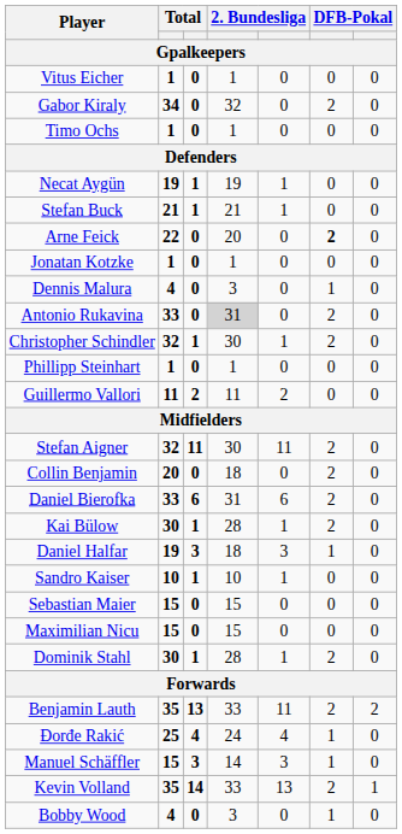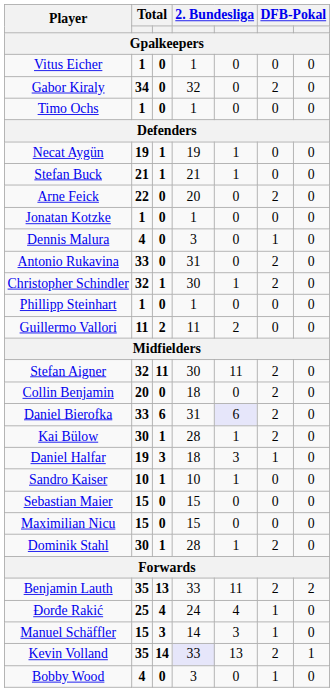 <table class="wikitable" style="text-align:center;">
 <tr>
 <th rowspan="2">Player</th>
 <th colspan="2">Total</th>
 <th colspan="2"><a href='#'>2. Bundesliga</a></th>
 <th colspan="2"><a href='#'>DFB-Pokal</a></th>
 </tr>
 <tr>
 <th></th>
 <th></th>
 <th></th>
 <th></th>
 <th></th>
 <th></th>
 </tr>
 <tr>
 <th colspan="10">Gpalkeepers</th>
 </tr>
 <tr>
 <td><a href='#'>Vitus Eicher</a></td>
 <td><strong>1</strong></td>
 <td><strong>0</strong></td>
 <td>1</td>
 <td>0</td>
 <td>0</td>
 <td>0</td>
 </tr>
 <tr>
 <td><a href='#'>Gabor Kiraly</a></td>
 <td><strong>34</strong></td>
 <td><strong>0</strong></td>
 <td>32</td>
 <td>0</td>
 <td>2</td>
 <td>0</td>
 </tr>
 <tr>
 <td><a href='#'>Timo Ochs</a></td>
 <td><strong>1</strong></td>
 <td><strong>0</strong></td>
 <td>1</td>
 <td>0</td>
 <td>0</td>
 <td>0</td>
 </tr>
 <tr>
 <th colspan="10">Defenders</th>
 </tr>
 <tr>
 <td><a href='#'>Necat Aygün</a></td>
 <td><strong>19</strong></td>
 <td><strong>1</strong></td>
 <td>19</td>
 <td>1</td>
 <td>0</td>
 <td>0</td>
 </tr>
 <tr>
 <td><a href='#'>Stefan Buck</a></td>
 <td><strong>21</strong></td>
 <td><strong>1</strong></td>
 <td>21</td>
 <td>1</td>
 <td>0</td>
 <td>0</td>
 </tr>
 <tr>
 <td><a href='#'>Arne Feick</a></td>
 <td><strong>22</strong></td>
 <td><strong>0</strong></td>
 <td>20</td>
 <td>0</td>
-<td><strong>2</strong></td>
+<td>2</td>
 <td>0</td>
 </tr>
 <tr>
 <td><a href='#'>Jonatan Kotzke</a></td>
 <td><strong>1</strong></td>
 <td><strong>0</strong></td>
 <td>1</td>
 <td>0</td>
 <td>0</td>
 <td>0</td>
 </tr>
 <tr>
 <td><a href='#'>Dennis Malura</a></td>
 <td><strong>4</strong></td>
 <td><strong>0</strong></td>
 <td>3</td>
 <td>0</td>
 <td>1</td>
 <td>0</td>
 </tr>
 <tr>
 <td><a href='#'>Antonio Rukavina</a></td>
 <td><strong>33</strong></td>
 <td><strong>0</strong></td>
-<td style="background: lightgrey;">31</td>
+<td>31</td>
 <td>0</td>
 <td>2</td>
 <td>0</td>
 </tr>
 <tr>
 <td><a href='#'>Christopher Schindler</a></td>
 <td><strong>32</strong></td>
 <td><strong>1</strong></td>
 <td>30</td>
 <td>1</td>
 <td>2</td>
 <td>0</td>
 </tr>
 <tr>
 <td><a href='#'>Phillipp Steinhart</a></td>
 <td><strong>1</strong></td>
 <td><strong>0</strong></td>
 <td>1</td>
 <td>0</td>
 <td>0</td>
 <td>0</td>
 </tr>
 <tr>
 <td><a href='#'>Guillermo Vallori</a></td>
 <td><strong>11</strong></td>
 <td><strong>2</strong></td>
 <td>11</td>
 <td>2</td>
 <td>0</td>
 <td>0</td>
 </tr>
 <tr>
 <th colspan="10">Midfielders</th>
 </tr>
 <tr>
 <td><a href='#'>Stefan Aigner</a></td>
 <td><strong>32</strong></td>
 <td><strong>11</strong></td>
 <td>30</td>
 <td>11</td>
 <td>2</td>
 <td>0</td>
 </tr>
 <tr>
 <td><a href='#'>Collin Benjamin</a></td>
 <td><strong>20</strong></td>
 <td><strong>0</strong></td>
 <td>18</td>
 <td>0</td>
 <td>2</td>
 <td>0</td>
 </tr>
 <tr>
 <td><a href='#'>Daniel Bierofka</a></td>
 <td><strong>33</strong></td>
 <td><strong>6</strong></td>
 <td>31</td>
-<td>6</td>
+<td style="background: lavender;">6</td>
 <td>2</td>
 <td>0</td>
 </tr>
 <tr>
 <td><a href='#'>Kai Bülow</a></td>
 <td><strong>30</strong></td>
 <td><strong>1</strong></td>
 <td>28</td>
 <td>1</td>
 <td>2</td>
 <td>0</td>
 </tr>
 <tr>
 <td><a href='#'>Daniel Halfar</a></td>
 <td><strong>19</strong></td>
 <td><strong>3</strong></td>
 <td>18</td>
 <td>3</td>
 <td>1</td>
 <td>0</td>
 </tr>
 <tr>
 <td><a href='#'>Sandro Kaiser</a></td>
 <td><strong>10</strong></td>
 <td><strong>1</strong></td>
 <td>10</td>
 <td>1</td>
 <td>0</td>
 <td>0</td>
 </tr>
 <tr>
 <td><a href='#'>Sebastian Maier</a></td>
 <td><strong>15</strong></td>
 <td><strong>0</strong></td>
 <td>15</td>
 <td>0</td>
 <td>0</td>
 <td>0</td>
 </tr>
 <tr>
 <td><a href='#'>Maximilian Nicu</a></td>
 <td><strong>15</strong></td>
 <td><strong>0</strong></td>
 <td>15</td>
 <td>0</td>
 <td>0</td>
 <td>0</td>
 </tr>
 <tr>
 <td><a href='#'>Dominik Stahl</a></td>
 <td><strong>30</strong></td>
 <td><strong>1</strong></td>
 <td>28</td>
 <td>1</td>
 <td>2</td>
 <td>0</td>
 </tr>
 <tr>
 <th colspan="10">Forwards</th>
 </tr>
 <tr>
 <td><a href='#'>Benjamin Lauth</a></td>
 <td><strong>35</strong></td>
 <td><strong>13</strong></td>
 <td>33</td>
 <td>11</td>
 <td>2</td>
 <td>2</td>
 </tr>
 <tr>
 <td><a href='#'>Đorđe Rakić</a></td>
 <td><strong>25</strong></td>
 <td><strong>4</strong></td>
 <td>24</td>
 <td>4</td>
 <td>1</td>
 <td>0</td>
 </tr>
 <tr>
 <td><a href='#'>Manuel Schäffler</a></td>
 <td><strong>15</strong></td>
 <td><strong>3</strong></td>
 <td>14</td>
 <td>3</td>
 <td>1</td>
 <td>0</td>
 </tr>
 <tr>
 <td><a href='#'>Kevin Volland</a></td>
 <td><strong>35</strong></td>
 <td><strong>14</strong></td>
-<td>33</td>
+<td style="background: lavender;">33</td>
 <td>13</td>
 <td>2</td>
 <td>1</td>
 </tr>
 <tr>
 <td><a href='#'>Bobby Wood</a></td>
 <td><strong>4</strong></td>
 <td><strong>0</strong></td>
 <td>3</td>
 <td>0</td>
 <td>1</td>
 <td>0</td>
 </tr>
 </table>
